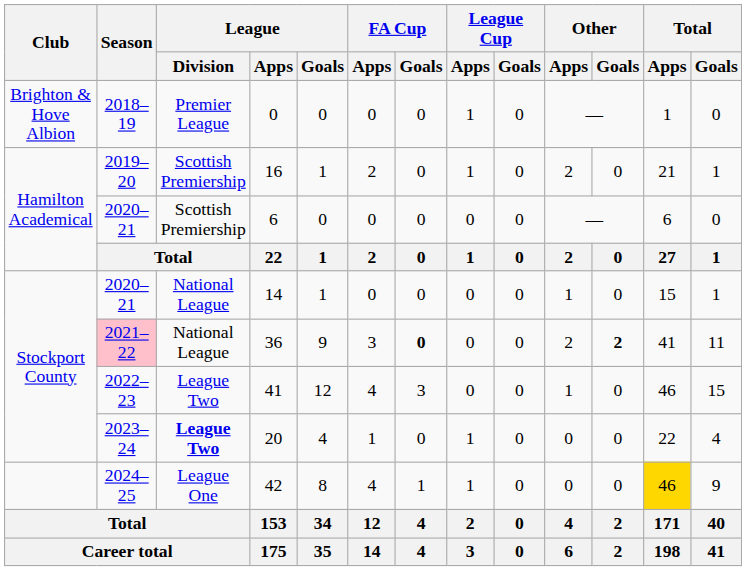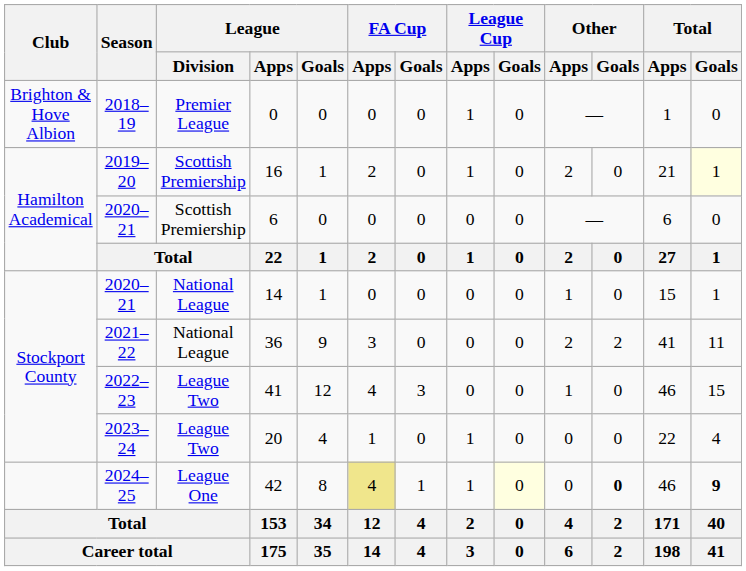 <table class=wikitable style="text-align: center;">
 <tr>
 <th rowspan=2>Club</th>
 <th rowspan=2>Season</th>
 <th colspan=3>League</th>
 <th colspan=2><a href='#'>FA Cup</a></th>
 <th colspan=2><a href='#'>League Cup</a></th>
 <th colspan=2>Other</th>
 <th colspan=2>Total</th>
 </tr>
 <tr>
 <th>Division</th>
 <th>Apps</th>
 <th>Goals</th>
 <th>Apps</th>
 <th>Goals</th>
 <th>Apps</th>
 <th>Goals</th>
 <th>Apps</th>
 <th>Goals</th>
 <th>Apps</th>
 <th>Goals</th>
 </tr>
 <tr>
 <td><a href='#'>Brighton & Hove Albion</a></td>
 <td><a href='#'>2018–19</a></td>
 <td><a href='#'>Premier League</a></td>
 <td>0</td>
 <td>0</td>
 <td>0</td>
 <td>0</td>
 <td>1</td>
 <td>0</td>
 <td colspan=2>—</td>
 <td>1</td>
 <td>0</td>
 </tr>
 <tr>
 <td rowspan=3><a href='#'>Hamilton Academical</a></td>
 <td><a href='#'>2019–20</a></td>
 <td><a href='#'>Scottish Premiership</a></td>
 <td>16</td>
 <td>1</td>
 <td>2</td>
 <td>0</td>
 <td>1</td>
 <td>0</td>
 <td>2</td>
 <td>0</td>
 <td>21</td>
-<td>1</td>
+<td style="background: lightyellow;">1</td>
 </tr>
 <tr>
 <td><a href='#'>2020–21</a></td>
 <td>Scottish Premiership</td>
 <td>6</td>
 <td>0</td>
 <td>0</td>
 <td>0</td>
 <td>0</td>
 <td>0</td>
 <td colspan=2>—</td>
 <td>6</td>
 <td>0</td>
 </tr>
 <tr>
 <th colspan=2>Total</th>
 <th>22</th>
 <th>1</th>
 <th>2</th>
 <th>0</th>
 <th>1</th>
 <th>0</th>
 <th>2</th>
 <th>0</th>
 <th>27</th>
 <th>1</th>
 </tr>
 <tr>
 <td rowspan=4><a href='#'>Stockport County</a></td>
 <td><a href='#'>2020–21</a></td>
 <td><a href='#'>National League</a></td>
 <td>14</td>
 <td>1</td>
 <td>0</td>
 <td>0</td>
 <td>0</td>
 <td>0</td>
 <td>1</td>
 <td>0</td>
 <td>15</td>
 <td>1</td>
 </tr>
 <tr>
-<td style="background: pink;"><a href='#'>2021–22</a></td>
+<td><a href='#'>2021–22</a></td>
 <td>National League</td>
 <td>36</td>
 <td>9</td>
 <td>3</td>
-<td><strong>0</strong></td>
+<td>0</td>
 <td>0</td>
 <td>0</td>
 <td>2</td>
-<td><strong>2</strong></td>
+<td>2</td>
 <td>41</td>
 <td>11</td>
 </tr>
 <tr>
 <td><a href='#'>2022–23</a></td>
 <td><a href='#'>League Two</a></td>
 <td>41</td>
 <td>12</td>
 <td>4</td>
 <td>3</td>
 <td>0</td>
 <td>0</td>
 <td>1</td>
 <td>0</td>
 <td>46</td>
 <td>15</td>
 </tr>
 <tr>
 <td><a href='#'>2023–24</a></td>
-<td><strong><a href='#'>League Two</a></strong></td>
+<td><a href='#'>League Two</a></td>
 <td>20</td>
 <td>4</td>
 <td>1</td>
 <td>0</td>
 <td>1</td>
 <td>0</td>
 <td>0</td>
 <td>0</td>
 <td>22</td>
 <td>4</td>
 </tr>
 <tr>
 <td></td>
 <td><a href='#'>2024–25</a></td>
 <td><a href='#'>League One</a></td>
 <td>42</td>
 <td>8</td>
-<td>4</td>
+<td style="background: khaki;">4</td>
 <td>1</td>
 <td>1</td>
+<td style="background: lightyellow;">0</td>
 <td>0</td>
-<td>0</td>
-<td>0</td>
-<td style="background: gold;">46</td>
-<td>9</td>
+<td><strong>0</strong></td>
+<td>46</td>
+<td><strong>9</strong></td>
 </tr>
 <tr>
 <th colspan=3>Total</th>
 <th>153</th>
 <th>34</th>
 <th>12</th>
 <th>4</th>
 <th>2</th>
 <th>0</th>
 <th>4</th>
 <th>2</th>
 <th>171</th>
 <th>40</th>
 </tr>
 <tr>
 <th colspan=3>Career total</th>
 <th>175</th>
 <th>35</th>
 <th>14</th>
 <th>4</th>
 <th>3</th>
 <th>0</th>
 <th>6</th>
 <th>2</th>
 <th>198</th>
 <th>41</th>
 </tr>
 </table>
